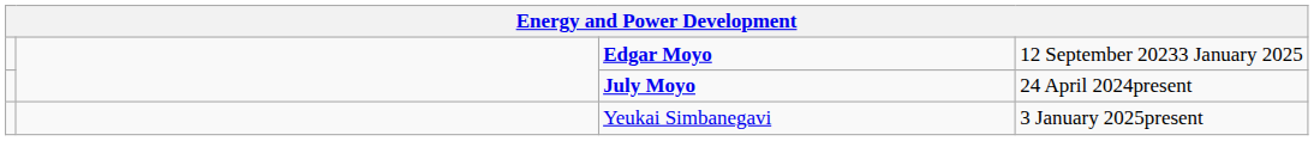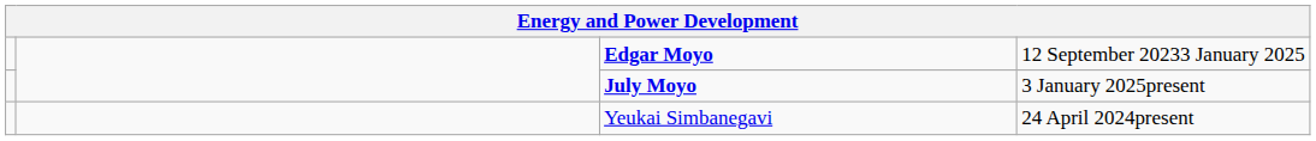 <table class="wikitable">
 <tr>
 <th colspan="4"><a href='#'>Energy and Power Development</a></th>
 </tr>
 <tr>
 <td style="width: 1px; background: "></td>
 <td rowspan="2" style="width: 450px;"></td>
 <td style="width: 320px;"> <strong><a href='#'>Edgar Moyo</a></strong></td>
 <td>12 September 20233 January 2025</td>
 </tr>
 <tr>
 <td style="width: 1px; background: "></td>
 <td style="width: 320px;"> <strong><a href='#'>July Moyo</a></strong></td>
-<td>24 April 2024present</td>
+<td>3 January 2025present</td>
 </tr>
 <tr>
 <td style="width: 1px; background: "></td>
 <td rowspan="2" style="width: 450px;"></td>
 <td style="width: 320px;"> <a href='#'>Yeukai Simbanegavi</a></td>
-<td>3 January 2025present</td>
+<td>24 April 2024present</td>
 </tr>
 </table>
